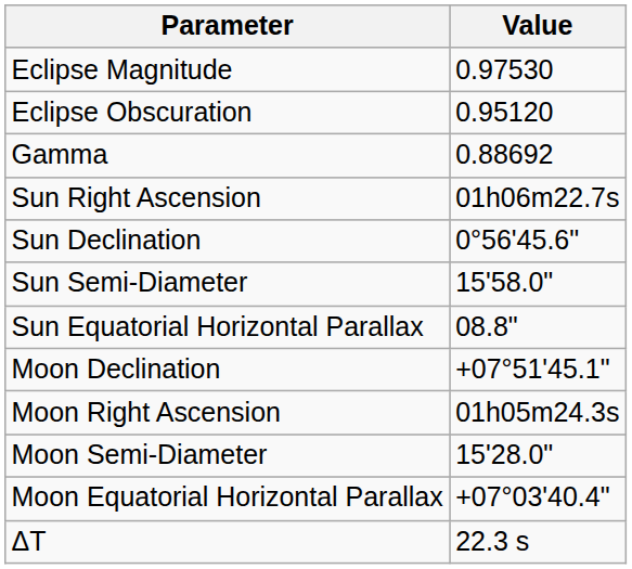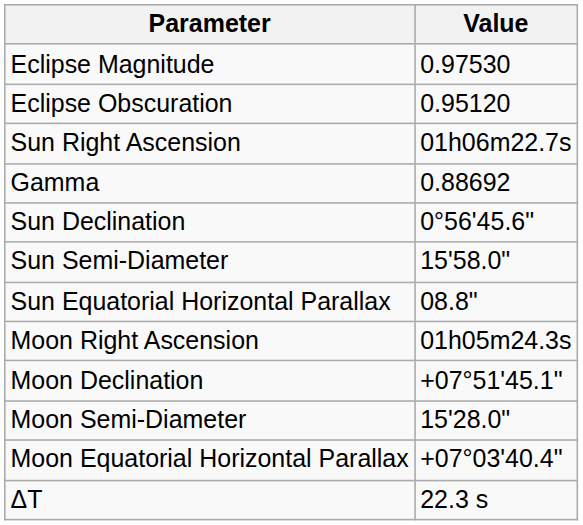 <table class="wikitable">
 <tr>
 <th>Parameter</th>
 <th>Value</th>
 </tr>
 <tr>
 <td>Eclipse Magnitude</td>
 <td>0.97530</td>
 </tr>
 <tr>
 <td>Eclipse Obscuration</td>
 <td>0.95120</td>
 </tr>
 <tr>
+<td>Sun Right Ascension</td>
+<td>01h06m22.7s</td>
+</tr>
+<tr>
 <td>Gamma</td>
 <td>0.88692</td>
-</tr>
-<tr>
-<td>Sun Right Ascension</td>
-<td>01h06m22.7s</td>
 </tr>
 <tr>
 <td>Sun Declination</td>
 <td>0°56'45.6"</td>
 </tr>
 <tr>
 <td>Sun Semi-Diameter</td>
 <td>15'58.0"</td>
 </tr>
 <tr>
 <td>Sun Equatorial Horizontal Parallax</td>
 <td>08.8"</td>
 </tr>
 <tr>
+<td>Moon Right Ascension</td>
+<td>01h05m24.3s</td>
+</tr>
+<tr>
 <td>Moon Declination</td>
 <td>+07°51'45.1"</td>
-</tr>
-<tr>
-<td>Moon Right Ascension</td>
-<td>01h05m24.3s</td>
 </tr>
 <tr>
 <td>Moon Semi-Diameter</td>
 <td>15'28.0"</td>
 </tr>
 <tr>
 <td>Moon Equatorial Horizontal Parallax</td>
 <td>+07°03'40.4"</td>
 </tr>
 <tr>
 <td>ΔT</td>
 <td>22.3 s</td>
 </tr>
 </table>
